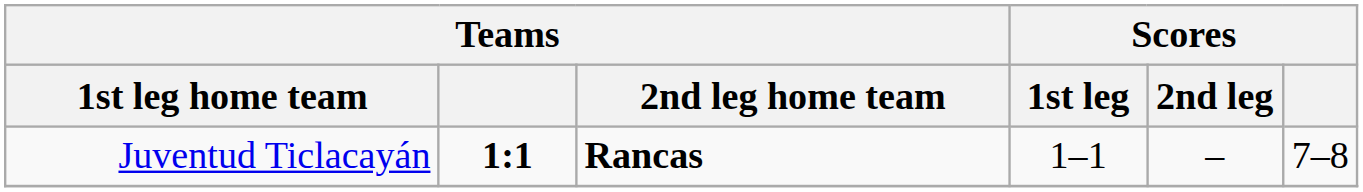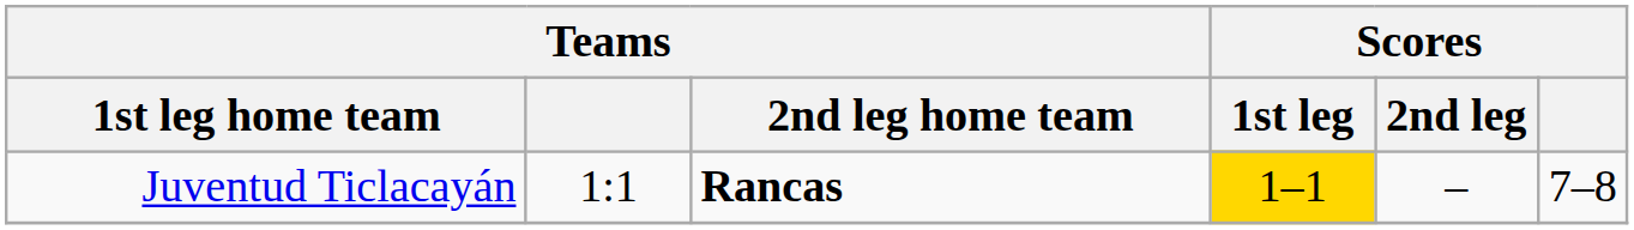 <table class="wikitable" style="text-align: center;">
 <tr>
 <th colspan=3>Teams</th>
 <th colspan=3>Scores</th>
 </tr>
 <tr>
 <th width="175">1st leg home team</th>
 <th width="50"></th>
 <th width="175">2nd leg home team</th>
 <th width="50">1st leg</th>
 <th width="50">2nd leg</th>
 <th></th>
 </tr>
 <tr>
 <td align=right><a href='#'>Juventud Ticlacayán</a></td>
-<td><strong>1:1</strong></td>
+<td>1:1</td>
 <td align=left><strong>Rancas</strong></td>
-<td>1–1</td>
+<td style="background: gold;">1–1</td>
 <td>–</td>
 <td>7–8</td>
 </tr>
 <tr>
 </tr>
 </table>
